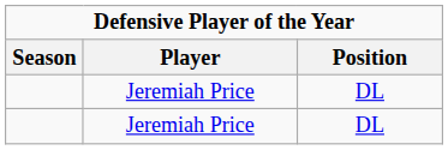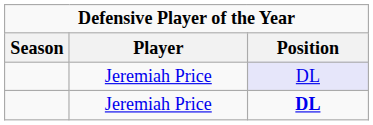 <table class="wikitable sortable" style="text-align:center">
 <tr>
 <td colspan="4"><strong>Defensive Player of the Year</strong></td>
 </tr>
 <tr>
 <th style="width:50px; ">Season</th>
 <th style="width:150px; ">Player</th>
 <th style="width:100px; ">Position</th>
 </tr>
 <tr>
 <td></td>
 <td><a href='#'>Jeremiah Price</a></td>
-<td><a href='#'>DL</a></td>
+<td style="background: lavender;"><a href='#'>DL</a></td>
 </tr>
 <tr>
 <td></td>
 <td><a href='#'>Jeremiah Price</a></td>
-<td><a href='#'>DL</a></td>
+<td><strong><a href='#'>DL</a></strong></td>
 </tr>
 </table>
